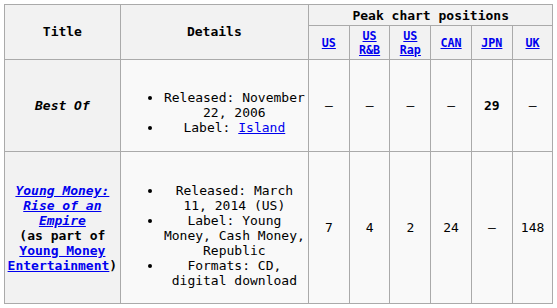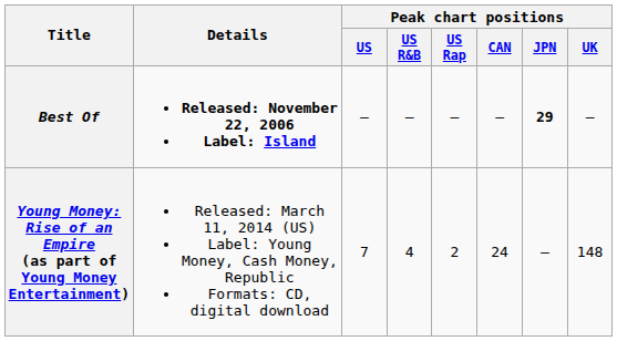 <table class="wikitable plainrowheaders" style="text-align:center;">
 <tr>
 <th scope="col" rowspan="2" style="width:8em;">Title</th>
 <th scope="col" rowspan="2" style="width:14em;">Details</th>
 <th scope="col" colspan="6">Peak chart positions</th>
 </tr>
 <tr>
 <th scope="col" style="width:3em;font-size:90%;"><a href='#'>US</a><br></th>
 <th scope="col" style="width:3em;font-size:90%;"><a href='#'>US<br>R&B</a><br></th>
 <th scope="col" style="width:3em;font-size:90%;"><a href='#'>US<br>Rap</a><br></th>
 <th scope="col" style="width:3em;font-size:90%;"><a href='#'>CAN</a><br></th>
 <th scope="col" style="width:3em;font-size:90%;"><a href='#'>JPN</a><br></th>
 <th scope="col" style="width:3em;font-size:90%;"><a href='#'>UK</a><br></th>
 </tr>
 <tr>
 <th scope="row"><em>Best Of</em></th>
-<td><br><ul><li>Released: November 22, 2006</li><li>Label: <a href='#'>Island</a></li></ul></td>
+<td><strong><br><ul><li>Released: November 22, 2006</li><li>Label: <a href='#'>Island</a></li></ul></strong></td>
 <td>—</td>
 <td>—</td>
 <td>—</td>
 <td>—</td>
 <td><strong>29</strong></td>
 <td>—</td>
 </tr>
 <tr>
 <th scope="row"><em><a href='#'>Young Money: Rise of an Empire</a></em><br><span>(as part of <a href='#'>Young Money Entertainment</a>)</span></th>
 <td><br><ul><li>Released: March 11, 2014 <span>(US)</span></li><li>Label: Young Money, Cash Money, Republic</li><li>Formats: CD, digital download</li></ul></td>
 <td>7</td>
 <td>4</td>
 <td>2</td>
 <td>24</td>
 <td>—</td>
 <td>148</td>
 </tr>
 </table>
